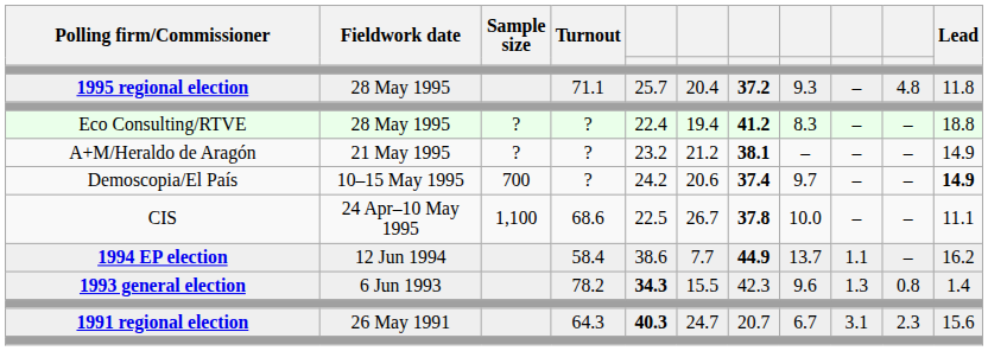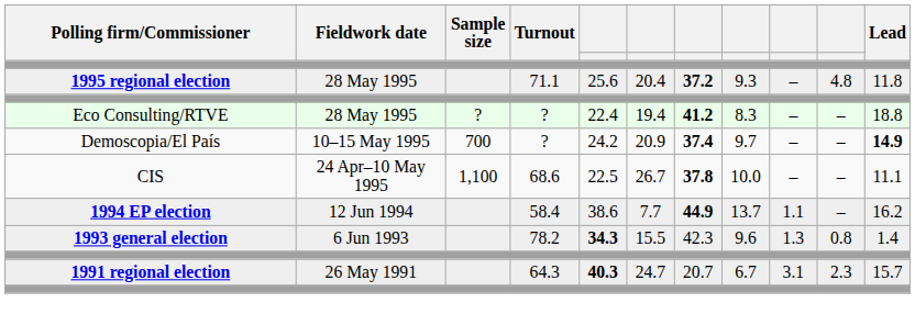 <table class="wikitable collapsible collapsed" style="text-align:center; font-size:95%; line-height:16px;">
 <tr style="height:42px;">
 <th style="width:250px;" rowspan="2">Polling firm/Commissioner</th>
 <th style="width:125px;" rowspan="2">Fieldwork date</th>
 <th style="width:50px;" rowspan="2">Sample size</th>
 <th style="width:45px;" rowspan="2">Turnout</th>
 <th style="width:35px;"></th>
 <th style="width:35px;"></th>
 <th style="width:35px;"></th>
 <th style="width:35px;"></th>
 <th style="width:35px;"></th>
 <th style="width:35px;"></th>
 <th style="width:30px;" rowspan="2">Lead</th>
 </tr>
 <tr>
 <th style="color:inherit;background:"></th>
 <th style="color:inherit;background:"></th>
 <th style="color:inherit;background:"></th>
 <th style="color:inherit;background:"></th>
 <th style="color:inherit;background:"></th>
 <th style="color:inherit;background:"></th>
 </tr>
 <tr>
 <td colspan="11" style="background:#A0A0A0"></td>
 </tr>
 <tr style="background:#EFEFEF;">
 <td><strong><a href='#'>1995 regional election</a></strong></td>
 <td>28 May 1995</td>
 <td></td>
 <td>71.1</td>
-<td>25.7<br></td>
+<td>25.6<br></td>
 <td>20.4<br></td>
 <td><strong>37.2</strong><br></td>
 <td>9.3<br></td>
 <td>–</td>
 <td>4.8<br></td>
 <td style="background:">11.8</td>
 </tr>
 <tr>
 <td colspan="11" style="background:#A0A0A0"></td>
 </tr>
 <tr style="background:#EAFFEA;">
 <td>Eco Consulting/RTVE</td>
 <td>28 May 1995</td>
 <td>?</td>
 <td>?</td>
 <td>22.4<br></td>
 <td>19.4<br></td>
 <td><strong>41.2</strong><br></td>
 <td>8.3<br></td>
 <td>–</td>
 <td>–</td>
 <td style="background:">18.8</td>
 </tr>
 <tr>
-<td>A+M/Heraldo de Aragón</td>
-<td>21 May 1995</td>
-<td>?</td>
-<td>?</td>
-<td>23.2<br></td>
-<td>21.2<br></td>
-<td><strong>38.1</strong><br></td>
-<td>–</td>
-<td>–</td>
-<td>–</td>
-<td style="background:">14.9</td>
-</tr>
-<tr>
 <td>Demoscopia/El País</td>
 <td>10–15 May 1995</td>
 <td>700</td>
 <td>?</td>
 <td>24.2<br></td>
-<td>20.6<br></td>
+<td>20.9<br></td>
 <td><strong>37.4</strong><br></td>
 <td>9.7<br></td>
 <td>–</td>
 <td>–</td>
 <td style="background:"><strong>14.9</strong></td>
 </tr>
 <tr>
 <td>CIS</td>
 <td>24 Apr–10 May 1995</td>
 <td>1,100</td>
 <td>68.6</td>
 <td>22.5</td>
 <td>26.7</td>
 <td><strong>37.8</strong></td>
 <td>10.0</td>
 <td>–</td>
 <td>–</td>
 <td style="background:">11.1</td>
 </tr>
 <tr style="background:#EFEFEF;">
 <td><strong><a href='#'>1994 EP election</a></strong></td>
 <td>12 Jun 1994</td>
 <td></td>
 <td>58.4</td>
 <td>38.6<br></td>
 <td>7.7<br></td>
 <td><strong>44.9</strong><br></td>
 <td>13.7<br></td>
 <td>1.1<br></td>
 <td>–</td>
 <td style="background:">16.2</td>
 </tr>
 <tr style="background:#EFEFEF;">
 <td><strong><a href='#'>1993 general election</a></strong></td>
 <td>6 Jun 1993</td>
 <td></td>
 <td>78.2</td>
 <td><strong>34.3</strong><br></td>
 <td>15.5<br></td>
 <td>42.3<br></td>
 <td>9.6<br></td>
 <td>1.3<br></td>
 <td>0.8<br></td>
 <td style="background:">1.4</td>
 </tr>
 <tr>
 <td colspan="11" style="background:#A0A0A0"></td>
 </tr>
 <tr style="background:#EFEFEF;">
 <td><strong><a href='#'>1991 regional election</a></strong></td>
 <td>26 May 1991</td>
 <td></td>
 <td>64.3</td>
 <td><strong>40.3</strong><br></td>
 <td>24.7<br></td>
 <td>20.7<br></td>
 <td>6.7<br></td>
 <td>3.1<br></td>
 <td>2.3<br></td>
-<td style="background:">15.6</td>
+<td style="background:">15.7</td>
 </tr>
 <tr>
 <td colspan="11" style="background:#A0A0A0"></td>
 </tr>
 </table>
